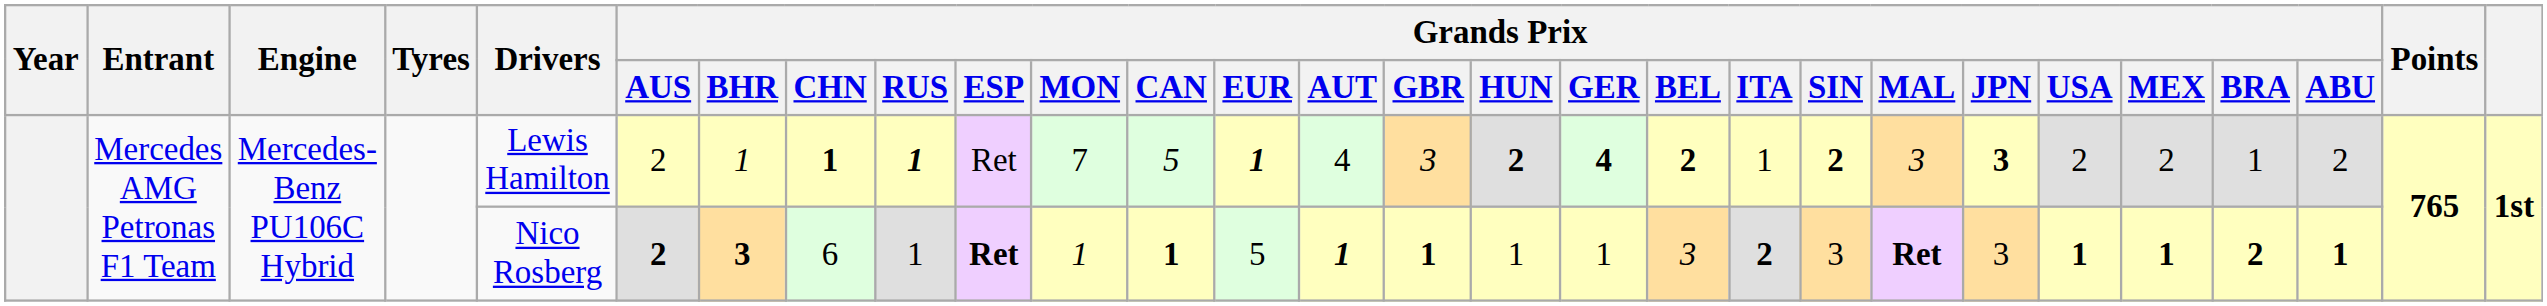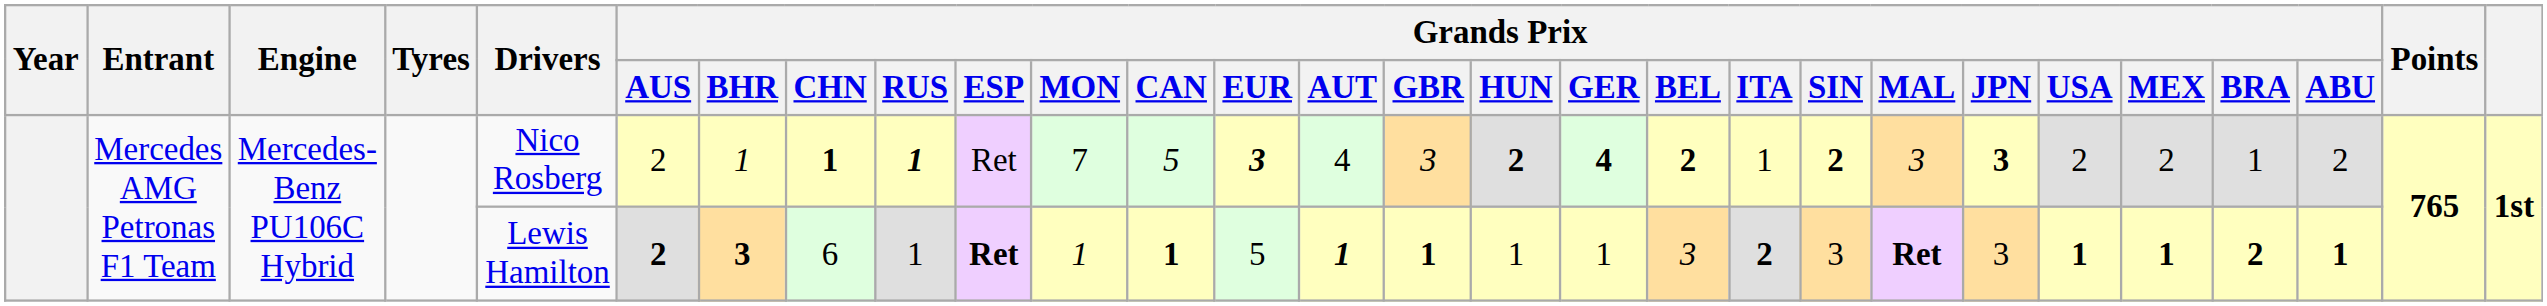 <table class="wikitable" style="text-align:center; font-size:90%">
 <tr>
 <th rowspan="2">Year</th>
 <th rowspan="2">Entrant</th>
 <th rowspan="2">Engine</th>
 <th rowspan="2">Tyres</th>
 <th rowspan="2">Drivers</th>
 <th colspan="21">Grands Prix</th>
 <th rowspan="2">Points</th>
 <th rowspan="2"></th>
 </tr>
 <tr>
 <th><a href='#'>AUS</a></th>
 <th><a href='#'>BHR</a></th>
 <th><a href='#'>CHN</a></th>
 <th><a href='#'>RUS</a></th>
 <th><a href='#'>ESP</a></th>
 <th><a href='#'>MON</a></th>
 <th><a href='#'>CAN</a></th>
 <th><a href='#'>EUR</a></th>
 <th><a href='#'>AUT</a></th>
 <th><a href='#'>GBR</a></th>
 <th><a href='#'>HUN</a></th>
 <th><a href='#'>GER</a></th>
 <th><a href='#'>BEL</a></th>
 <th><a href='#'>ITA</a></th>
 <th><a href='#'>SIN</a></th>
 <th><a href='#'>MAL</a></th>
 <th><a href='#'>JPN</a></th>
 <th><a href='#'>USA</a></th>
 <th><a href='#'>MEX</a></th>
 <th><a href='#'>BRA</a></th>
 <th><a href='#'>ABU</a></th>
 </tr>
 <tr>
 <th rowspan=2></th>
 <td rowspan=2><a href='#'>Mercedes AMG<br>Petronas F1 Team</a></td>
 <td rowspan=2><a href='#'>Mercedes-Benz PU106C Hybrid</a></td>
 <td rowspan=2></td>
-<td align="center"><a href='#'>Lewis Hamilton</a></td>
+<td align="center"><a href='#'>Nico Rosberg</a></td>
 <td style="background-color:#ffffbf">2</td>
 <td style="background-color:#ffffbf"><em>1</em></td>
 <td style="background-color:#ffffbf"><strong>1</strong></td>
 <td style="background-color:#ffffbf"><strong><em>1</em></strong></td>
 <td style="background-color:#efcfff">Ret</td>
 <td style="background-color:#dfffdf">7</td>
 <td style="background-color:#dfffdf"><em>5</em></td>
-<td style="background-color:#ffffbf"><strong><em>1</em></strong></td>
+<td style="background-color:#ffffbf"><strong><em>3</em></strong></td>
 <td style="background-color:#DFFFDF">4</td>
 <td style="background-color:#ffdf9f"><em>3</em></td>
 <td style="background-color:#DFDFDF"><strong>2</strong></td>
 <td style="background-color:#DFFFDF"><strong>4</strong></td>
 <td style="background-color:#ffffbf"><strong>2</strong></td>
 <td style="background-color:#ffffbf">1</td>
 <td style="background-color:#ffffbf"><strong>2</strong></td>
 <td style="background-color:#ffdf9f"><em>3</em></td>
 <td style="background-color:#ffffbf"><strong>3</strong></td>
 <td style="background-color:#DFDFDF">2</td>
 <td style="background-color:#DFDFDF">2</td>
 <td style="background-color:#DFDFDF">1</td>
 <td style="background-color:#DFDFDF">2</td>
 <td rowspan="2" style="background-color:#ffffbf"><strong>765</strong></td>
 <td rowspan="2" style="background-color:#ffffbf"><strong>1st</strong></td>
 </tr>
 <tr>
-<td align="center"><a href='#'>Nico Rosberg</a></td>
+<td align="center"><a href='#'>Lewis Hamilton</a></td>
 <td style="background-color:#DFDFDF"><strong>2</strong></td>
 <td style="background-color:#ffdf9f"><strong>3</strong></td>
 <td style="background-color:#DFFFDF">6</td>
 <td style="background-color:#DFDFDF">1</td>
 <td style="background-color:#efcfff"><strong>Ret</strong></td>
 <td style="background-color:#ffffbf"><em>1</em></td>
 <td style="background-color:#ffffbf"><strong>1</strong></td>
 <td style="background-color:#DFFFDF">5</td>
 <td style="background-color:#ffffbf"><strong><em>1</em></strong></td>
 <td style="background-color:#ffffbf"><strong>1</strong></td>
 <td style="background-color:#ffffbf">1</td>
 <td style="background-color:#ffffbf">1</td>
 <td style="background-color:#ffdf9f"><em>3</em></td>
 <td style="background-color:#DFDFDF"><strong>2</strong></td>
 <td style="background-color:#ffdf9f">3</td>
 <td style="background-color:#efcfff"><strong>Ret</strong></td>
 <td style="background-color:#ffdf9f">3</td>
 <td style="background-color:#ffffbf"><strong>1</strong></td>
 <td style="background-color:#ffffbf"><strong>1</strong></td>
 <td style="background-color:#ffffbf"><strong>2</strong></td>
 <td style="background-color:#ffffbf"><strong>1</strong></td>
 </tr>
 </table>
